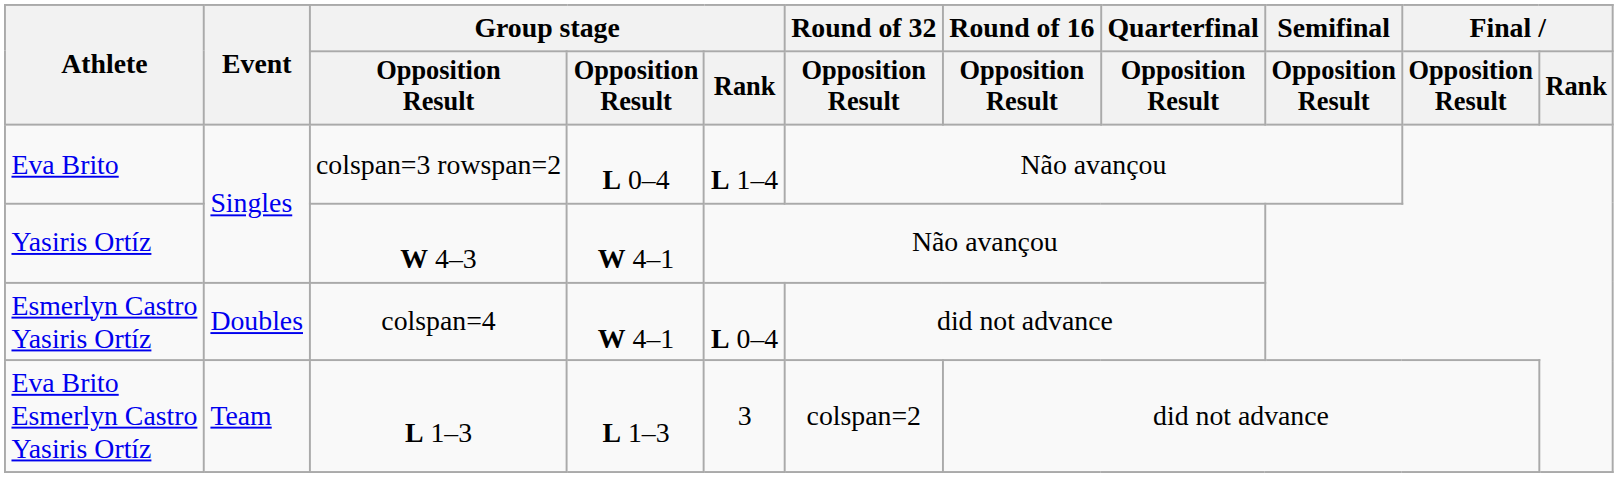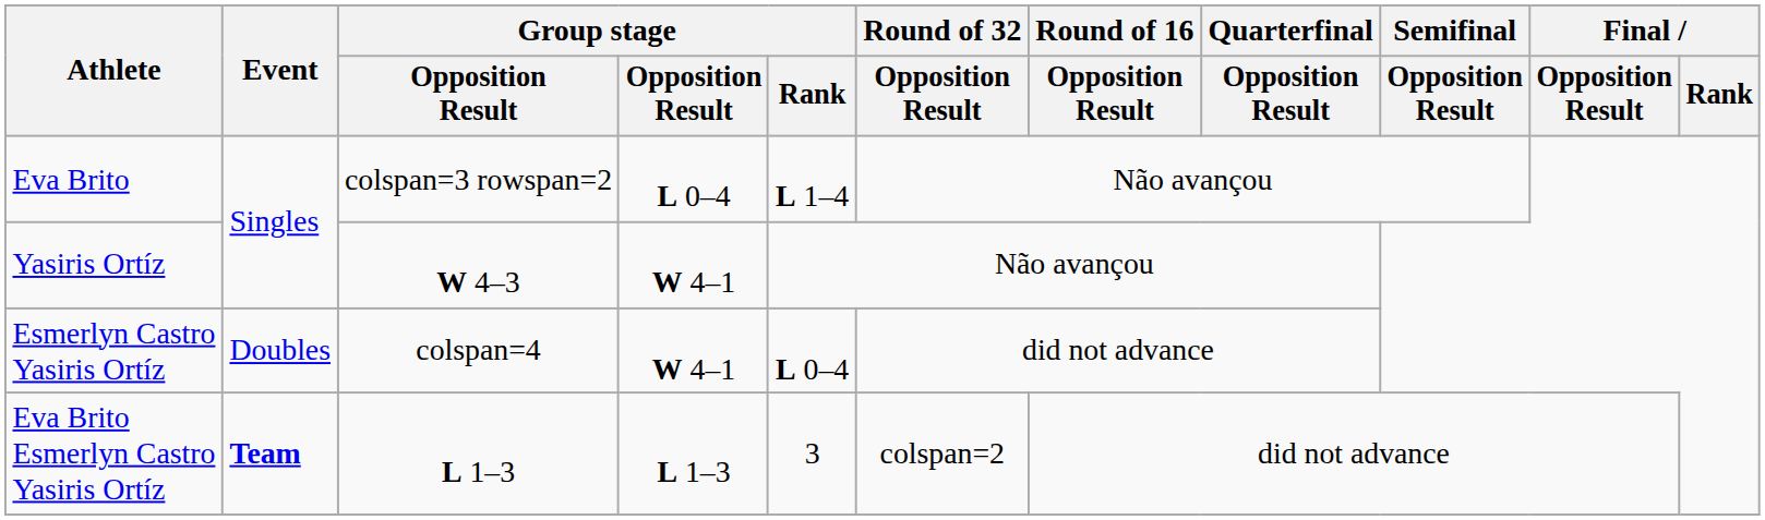 <table class=wikitable style=font-size:90%;text-align:center>
 <tr>
 <th rowspan=2>Athlete</th>
 <th rowspan=2>Event</th>
 <th colspan=3>Group stage</th>
 <th>Round of 32</th>
 <th>Round of 16</th>
 <th>Quarterfinal</th>
 <th>Semifinal</th>
 <th colspan=2>Final / </th>
 </tr>
 <tr style=font-size:95%>
 <th>Opposition<br>Result</th>
 <th>Opposition<br>Result</th>
 <th>Rank</th>
 <th>Opposition<br>Result</th>
 <th>Opposition<br>Result</th>
 <th>Opposition<br>Result</th>
 <th>Opposition<br>Result</th>
 <th>Opposition<br>Result</th>
 <th>Rank</th>
 </tr>
 <tr>
 <td align=left><a href='#'>Eva Brito</a></td>
 <td align=left rowspan=2><a href='#'>Singles</a></td>
 <td>colspan=3 rowspan=2 </td>
 <td><br><strong>L</strong> 0–4</td>
 <td><br><strong>L</strong> 1–4</td>
 <td colspan=4>Não avançou</td>
 </tr>
 <tr>
 <td align=left><a href='#'>Yasiris Ortíz</a></td>
 <td><br><strong>W</strong> 4–3</td>
 <td><br><strong>W</strong> 4–1</td>
 <td colspan=4>Não avançou</td>
 </tr>
 <tr>
 <td align=left><a href='#'>Esmerlyn Castro</a><br><a href='#'>Yasiris Ortíz</a></td>
 <td align=left><a href='#'>Doubles</a></td>
 <td>colspan=4 </td>
 <td><br><strong>W</strong> 4–1</td>
 <td><br><strong>L</strong> 0–4</td>
 <td colspan=3>did not advance</td>
 </tr>
 <tr>
 <td align=left><a href='#'>Eva Brito</a><br><a href='#'>Esmerlyn Castro</a><br><a href='#'>Yasiris Ortíz</a></td>
-<td align=left><a href='#'>Team</a></td>
+<td align=left><strong><a href='#'>Team</a></strong></td>
 <td><br><strong>L</strong> 1–3</td>
 <td><br><strong>L</strong> 1–3</td>
 <td>3</td>
 <td>colspan=2 </td>
 <td colspan=4>did not advance</td>
 </tr>
 </table>
